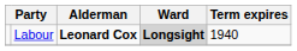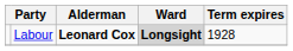 <table class="wikitable">
 <tr>
 <th colspan="2">Party</th>
 <th>Alderman</th>
 <th>Ward</th>
 <th>Term expires</th>
 </tr>
 <tr>
 <td style="background-color:"></td>
 <td><a href='#'>Labour</a></td>
 <td><strong>Leonard Cox</strong></td>
 <td style="background: lightgrey;"><strong>Longsight</strong></td>
-<td>1940</td>
+<td>1928</td>
 </tr>
 <tr>
 </tr>
 </table>
